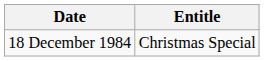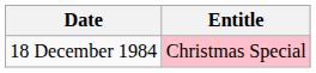 <table class="wikitable" style="text-align:center;">
 <tr>
 <th>Date</th>
 <th>Entitle</th>
 </tr>
 <tr>
 <td>18 December 1984</td>
-<td>Christmas Special</td>
+<td style="background: pink;">Christmas Special</td>
 </tr>
 </table>
